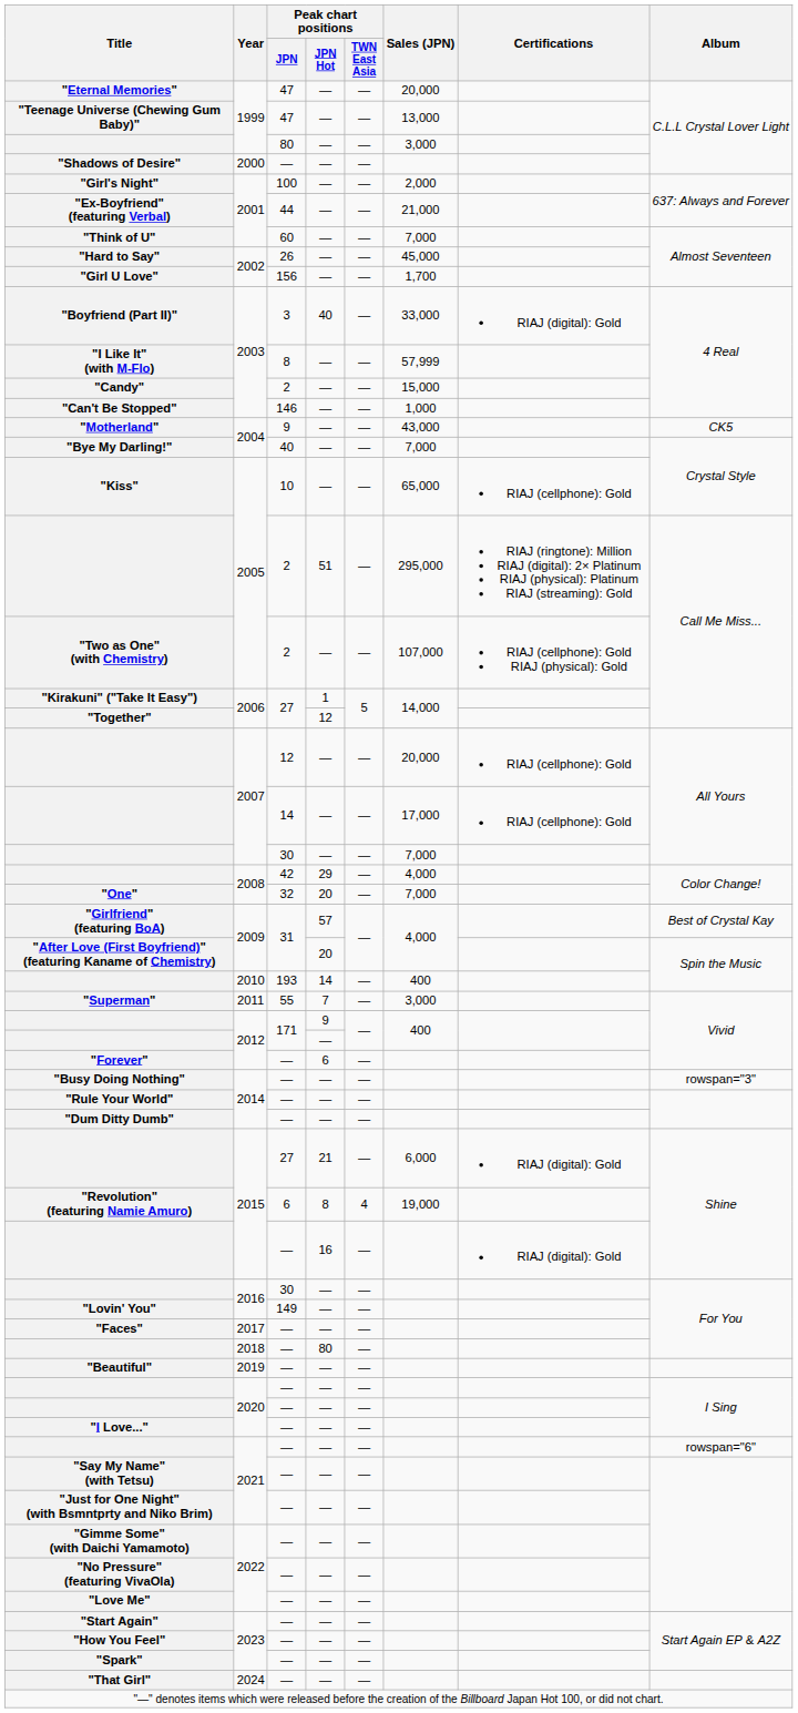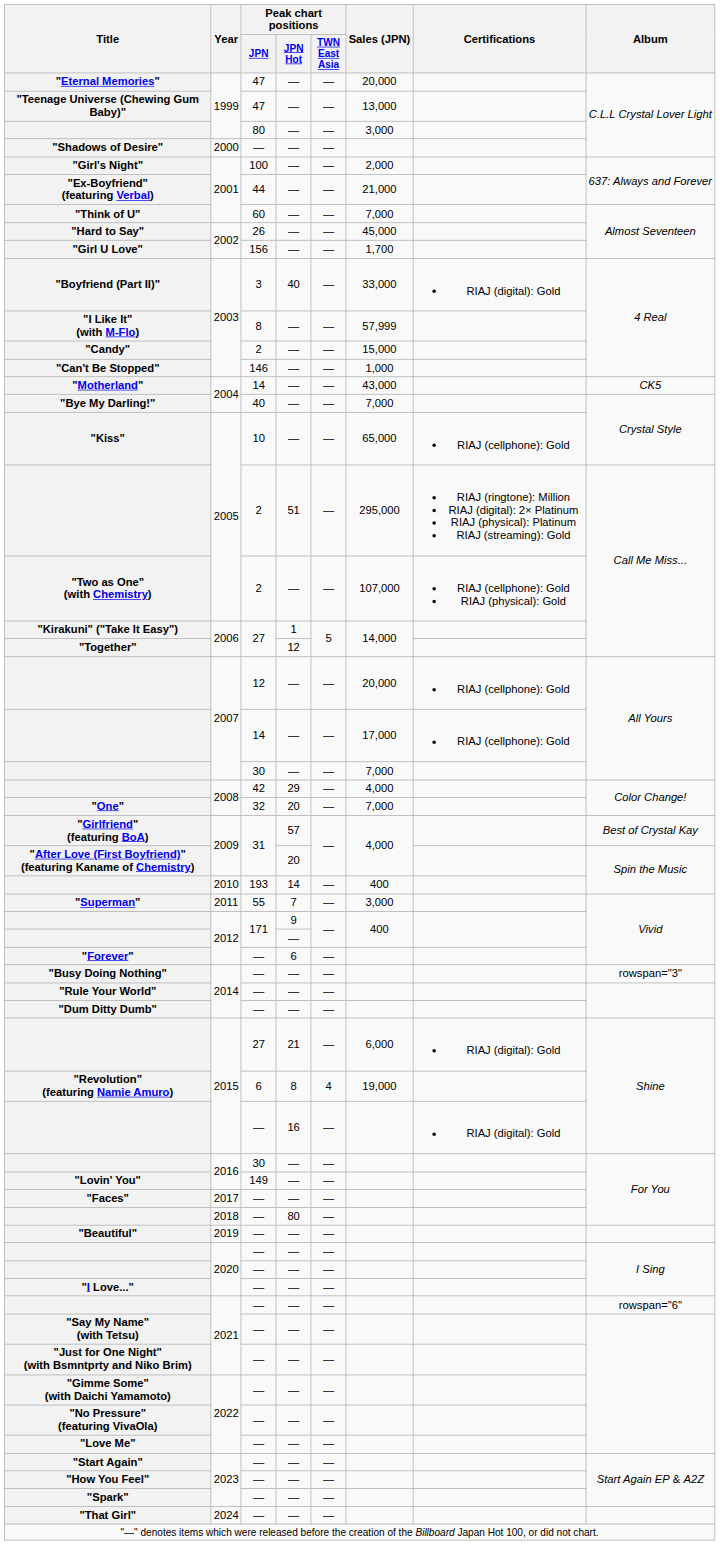 <table class="wikitable plainrowheaders" style="text-align:center;">
 <tr>
 <th scope="col" rowspan="2" style="width:18em;">Title</th>
 <th scope="col" rowspan="2">Year</th>
 <th scope="col" colspan="3">Peak chart positions</th>
 <th scope="col" rowspan="2">Sales (JPN)</th>
 <th scope="col" rowspan="2" style="width:15em;">Certifications</th>
 <th scope="col" rowspan="2">Album</th>
 </tr>
 <tr>
 <th scope="col" style="width:3em;font-size:90%;"><a href='#'>JPN</a><br></th>
 <th scope="col" style="width:3em;font-size:90%;"><a href='#'>JPN Hot</a><br></th>
 <th scope="col" style="width:3em;font-size:90%;"><a href='#'>TWN East Asia</a><br></th>
 </tr>
 <tr>
 <th scope="row">"<a href='#'>Eternal Memories</a>"</th>
 <td rowspan="3">1999</td>
 <td>47</td>
 <td>—</td>
 <td>—</td>
 <td>20,000</td>
 <td></td>
 <td rowspan="4"><em>C.L.L Crystal Lover Light</em></td>
 </tr>
 <tr>
 <th scope="row">"Teenage Universe (Chewing Gum Baby)"</th>
 <td>47</td>
 <td>—</td>
 <td>—</td>
 <td>13,000</td>
 <td></td>
 </tr>
 <tr>
 <th scope="row"></th>
 <td>80</td>
 <td>—</td>
 <td>—</td>
 <td>3,000</td>
 <td></td>
 </tr>
 <tr>
 <th scope="row">"Shadows of Desire"</th>
 <td>2000</td>
 <td>—</td>
 <td>—</td>
 <td>—</td>
 <td></td>
 <td></td>
 </tr>
 <tr>
 <th scope="row">"Girl's Night"</th>
 <td rowspan="3">2001</td>
 <td>100</td>
 <td>—</td>
 <td>—</td>
 <td>2,000</td>
 <td></td>
 <td rowspan="2"><em>637: Always and Forever</em></td>
 </tr>
 <tr>
 <th scope="row">"Ex-Boyfriend"<br><span>(featuring <a href='#'>Verbal</a>)</span></th>
 <td>44</td>
 <td>—</td>
 <td>—</td>
 <td>21,000</td>
 <td></td>
 </tr>
 <tr>
 <th scope="row">"Think of U"</th>
 <td>60</td>
 <td>—</td>
 <td>—</td>
 <td>7,000</td>
 <td></td>
 <td rowspan="3"><em>Almost Seventeen</em></td>
 </tr>
 <tr>
 <th scope="row">"Hard to Say"</th>
 <td rowspan="2">2002</td>
 <td>26</td>
 <td>—</td>
 <td>—</td>
 <td>45,000</td>
 <td></td>
 </tr>
 <tr>
 <th scope="row">"Girl U Love"</th>
 <td>156</td>
 <td>—</td>
 <td>—</td>
 <td>1,700</td>
 <td></td>
 </tr>
 <tr>
 <th scope="row">"Boyfriend (Part II)"</th>
 <td rowspan="4">2003</td>
 <td>3</td>
 <td>40</td>
 <td>—</td>
 <td>33,000</td>
 <td><br><ul><li>RIAJ (digital): Gold</li></ul></td>
 <td rowspan="4"><em>4 Real</em></td>
 </tr>
 <tr>
 <th scope="row">"I Like It"<br><span>(with <a href='#'>M-Flo</a>)</span></th>
 <td>8</td>
 <td>—</td>
 <td>—</td>
 <td>57,999</td>
 <td></td>
 </tr>
 <tr>
 <th scope="row">"Candy"</th>
 <td>2</td>
 <td>—</td>
 <td>—</td>
 <td>15,000</td>
 <td></td>
 </tr>
 <tr>
 <th scope="row">"Can't Be Stopped"</th>
 <td>146</td>
 <td>—</td>
 <td>—</td>
 <td>1,000</td>
 <td></td>
 </tr>
 <tr>
 <th scope="row">"<a href='#'>Motherland</a>"</th>
 <td rowspan="2">2004</td>
-<td>9</td>
+<td>14</td>
 <td>—</td>
 <td>—</td>
 <td>43,000</td>
 <td></td>
 <td rowspan="1"><em>CK5</em></td>
 </tr>
 <tr>
 <th scope="row">"Bye My Darling!"</th>
 <td>40</td>
 <td>—</td>
 <td>—</td>
 <td>7,000</td>
 <td></td>
 <td rowspan="2"><em>Crystal Style</em></td>
 </tr>
 <tr>
 <th scope="row">"Kiss"</th>
 <td rowspan="3">2005</td>
 <td>10</td>
 <td>—</td>
 <td>—</td>
 <td>65,000</td>
 <td><br><ul><li>RIAJ <span>(cellphone)</span>: Gold</li></ul></td>
 </tr>
 <tr>
 <th scope="row"></th>
 <td>2</td>
 <td>51</td>
 <td>—</td>
 <td>295,000</td>
 <td><br><ul><li>RIAJ <span>(ringtone)</span>: Million</li><li>RIAJ <span>(digital)</span>: 2× Platinum</li><li>RIAJ <span>(physical)</span>: Platinum</li><li>RIAJ <span>(streaming)</span>: Gold</li></ul></td>
 <td rowspan="4"><em>Call Me Miss...</em></td>
 </tr>
 <tr>
 <th scope="row">"Two as One"<br><span>(with <a href='#'>Chemistry</a>)</span></th>
 <td>2</td>
 <td>—</td>
 <td>—</td>
 <td>107,000</td>
 <td><br><ul><li>RIAJ <span>(cellphone)</span>: Gold</li><li>RIAJ <span>(physical)</span>: Gold</li></ul></td>
 </tr>
 <tr>
 <th scope="row">"Kirakuni" ("Take It Easy")</th>
 <td rowspan="2">2006</td>
 <td rowspan="2">27</td>
 <td>1</td>
 <td rowspan="2">5</td>
 <td rowspan="2">14,000</td>
 <td></td>
 </tr>
 <tr>
 <th scope="row">"Together"</th>
 <td>12</td>
 </tr>
 <tr>
 <th scope="row"></th>
 <td rowspan="3">2007</td>
 <td>12</td>
 <td>—</td>
 <td>—</td>
 <td>20,000</td>
 <td><br><ul><li>RIAJ <span>(cellphone)</span>: Gold</li></ul></td>
 <td rowspan="3"><em>All Yours</em></td>
 </tr>
 <tr>
 <th scope="row"></th>
 <td>14</td>
 <td>—</td>
 <td>—</td>
 <td>17,000</td>
 <td><br><ul><li>RIAJ <span>(cellphone)</span>: Gold</li></ul></td>
 </tr>
 <tr>
 <th scope="row"></th>
 <td>30</td>
 <td>—</td>
 <td>—</td>
 <td>7,000</td>
 <td></td>
 </tr>
 <tr>
 <th scope="row"></th>
 <td rowspan="2">2008</td>
 <td>42</td>
 <td>29</td>
 <td>—</td>
 <td>4,000</td>
 <td></td>
 <td rowspan="2"><em>Color Change!</em></td>
 </tr>
 <tr>
 <th scope="row">"<a href='#'>One</a>"</th>
 <td>32</td>
 <td>20</td>
 <td>—</td>
 <td>7,000</td>
 <td></td>
 </tr>
 <tr>
 <th scope="row">"<a href='#'>Girlfriend</a>"<br><span>(featuring <a href='#'>BoA</a>)</span> </th>
 <td rowspan="2">2009</td>
 <td rowspan="2">31</td>
 <td>57</td>
 <td rowspan="2">—</td>
 <td rowspan="2">4,000</td>
 <td></td>
 <td><em>Best of Crystal Kay</em></td>
 </tr>
 <tr>
 <th scope="row">"<a href='#'>After Love (First Boyfriend)</a>"<br><span>(featuring Kaname of <a href='#'>Chemistry</a>)</span></th>
 <td>20</td>
 <td></td>
 <td rowspan="2"><em>Spin the Music</em></td>
 </tr>
 <tr>
 <th scope="row"></th>
 <td>2010</td>
 <td>193</td>
 <td>14</td>
 <td>—</td>
 <td>400</td>
 <td></td>
 </tr>
 <tr>
 <th scope="row">"<a href='#'>Superman</a>"</th>
 <td>2011</td>
 <td>55</td>
 <td>7</td>
 <td>—</td>
 <td>3,000</td>
 <td></td>
 <td rowspan="4"><em>Vivid</em></td>
 </tr>
 <tr>
 <th scope="row"></th>
 <td rowspan="3">2012</td>
 <td rowspan="2">171</td>
 <td>9</td>
 <td rowspan="2">—</td>
 <td rowspan="2">400</td>
 </tr>
 <tr>
 <th scope="row"></th>
 <td>—</td>
 </tr>
 <tr>
 <th scope="row">"<a href='#'>Forever</a>"</th>
 <td>—</td>
 <td>6</td>
 <td>—</td>
 <td></td>
 <td></td>
 </tr>
 <tr>
 <th scope="row">"Busy Doing Nothing"</th>
 <td rowspan="3">2014</td>
 <td>—</td>
 <td>—</td>
 <td>—</td>
 <td></td>
 <td></td>
 <td>rowspan="3" </td>
 </tr>
 <tr>
 <th scope="row">"Rule Your World"</th>
 <td>—</td>
 <td>—</td>
 <td>—</td>
 <td></td>
 <td></td>
 </tr>
 <tr>
 <th scope="row">"Dum Ditty Dumb"</th>
 <td>—</td>
 <td>—</td>
 <td>—</td>
 <td></td>
 <td></td>
 </tr>
 <tr>
 <th scope="row"></th>
 <td rowspan="3">2015</td>
 <td>27</td>
 <td>21</td>
 <td>—</td>
 <td>6,000</td>
 <td><br><ul><li>RIAJ <span>(digital)</span>: Gold</li></ul></td>
 <td rowspan="3"><em>Shine</em></td>
 </tr>
 <tr>
 <th scope="row">"Revolution"<br><span>(featuring <a href='#'>Namie Amuro</a>)</span></th>
 <td>6</td>
 <td>8</td>
 <td>4</td>
 <td>19,000</td>
 <td></td>
 </tr>
 <tr>
 <th scope="row"></th>
 <td>—</td>
 <td>16</td>
 <td>—</td>
 <td></td>
 <td><br><ul><li>RIAJ <span>(digital)</span>: Gold</li></ul></td>
 </tr>
 <tr>
 <th scope="row"></th>
 <td rowspan="2">2016</td>
 <td>30</td>
 <td>—</td>
 <td>—</td>
 <td></td>
 <td></td>
 <td rowspan="4"><em>For You</em></td>
 </tr>
 <tr>
 <th scope="row">"Lovin' You"</th>
 <td>149</td>
 <td>—</td>
 <td>—</td>
 <td></td>
 <td></td>
 </tr>
 <tr>
 <th scope="row">"Faces"</th>
 <td rowspan="1">2017</td>
 <td>—</td>
 <td>—</td>
 <td>—</td>
 <td></td>
 <td></td>
 </tr>
 <tr>
 <th scope="row"></th>
 <td rowspan="1">2018</td>
 <td>—</td>
 <td>80</td>
 <td>—</td>
 <td></td>
 <td></td>
 </tr>
 <tr>
 <th scope="row">"Beautiful"</th>
 <td rowspan="1">2019</td>
 <td>—</td>
 <td>—</td>
 <td>—</td>
 <td></td>
 <td></td>
 <td></td>
 </tr>
 <tr>
 <th scope="row"></th>
 <td rowspan="3">2020</td>
 <td>—</td>
 <td>—</td>
 <td>—</td>
 <td></td>
 <td></td>
 <td rowspan="3"><em>I Sing</em></td>
 </tr>
 <tr>
 <th scope="row"></th>
 <td>—</td>
 <td>—</td>
 <td>—</td>
 <td></td>
 <td></td>
 </tr>
 <tr>
 <th scope="row">"<a href='#'>I</a> Love..."</th>
 <td>—</td>
 <td>—</td>
 <td>—</td>
 <td></td>
 <td></td>
 </tr>
 <tr>
 <th scope="row"></th>
 <td rowspan="3">2021</td>
 <td>—</td>
 <td>—</td>
 <td>—</td>
 <td></td>
 <td></td>
 <td>rowspan="6" </td>
 </tr>
 <tr>
 <th scope="row">"Say My Name"<br><span>(with Tetsu)</span></th>
 <td>—</td>
 <td>—</td>
 <td>—</td>
 <td></td>
 <td></td>
 </tr>
 <tr>
 <th scope="row">"Just for One Night"<br><span>(with Bsmntprty and Niko Brim)</span></th>
 <td>—</td>
 <td>—</td>
 <td>—</td>
 <td></td>
 <td></td>
 </tr>
 <tr>
 <th scope="row">"Gimme Some"<br><span>(with Daichi Yamamoto)</span></th>
 <td rowspan="3">2022</td>
 <td>—</td>
 <td>—</td>
 <td>—</td>
 <td></td>
 <td></td>
 </tr>
 <tr>
 <th scope="row">"No Pressure"<br><span>(featuring VivaOla)</span></th>
 <td>—</td>
 <td>—</td>
 <td>—</td>
 <td></td>
 <td></td>
 </tr>
 <tr>
 <th scope="row">"Love Me"</th>
 <td>—</td>
 <td>—</td>
 <td>—</td>
 <td></td>
 <td></td>
 </tr>
 <tr>
 <th scope="row">"Start Again"</th>
 <td rowspan="3">2023</td>
 <td>—</td>
 <td>—</td>
 <td>—</td>
 <td></td>
 <td rowspan="1"></td>
 <td rowspan="3"><em>Start Again EP</em> & <em>A2Z</em></td>
 </tr>
 <tr>
 <th scope="row">"How You Feel"</th>
 <td>—</td>
 <td>—</td>
 <td>—</td>
 <td></td>
 <td></td>
 </tr>
 <tr>
 <th scope="row">"Spark"</th>
 <td>—</td>
 <td>—</td>
 <td>—</td>
 <td></td>
 <td></td>
 </tr>
 <tr>
 <th scope="row">"That Girl"</th>
 <td rowspan="1">2024</td>
 <td>—</td>
 <td>—</td>
 <td>—</td>
 <td></td>
 <td rowspan="1"></td>
 <td></td>
 </tr>
 <tr>
 <td colspan="12" align="center" style="font-size:90%;">"—" denotes items which were released before the creation of the <em>Billboard</em> Japan Hot 100, or did not chart.</td>
 </tr>
 </table>
